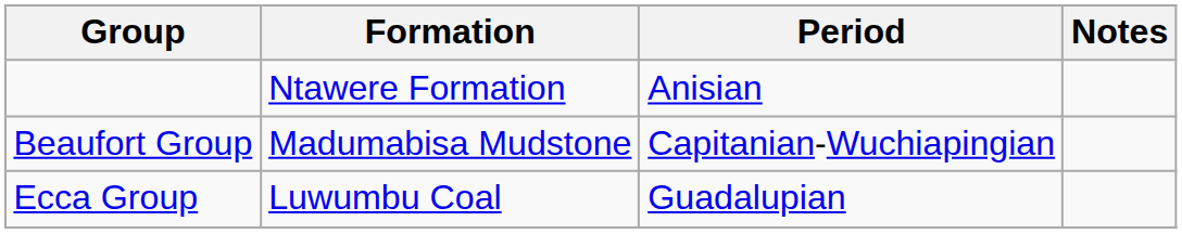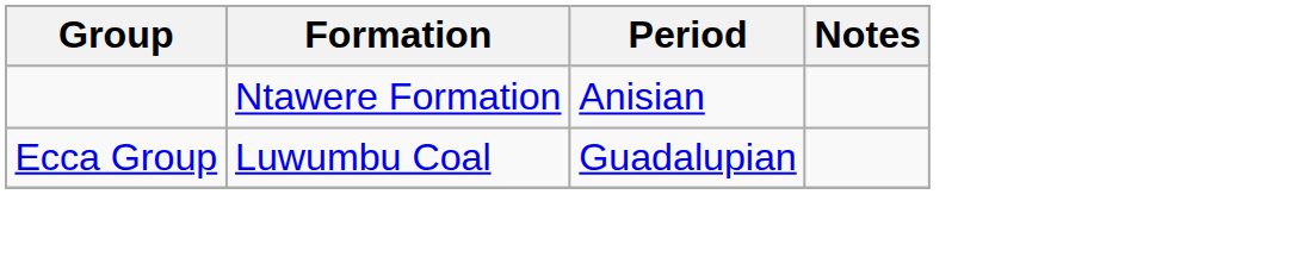 <table class="wikitable sortable">
 <tr>
 <th>Group</th>
 <th>Formation</th>
 <th>Period</th>
 <th class="unsortable">Notes</th>
 </tr>
 <tr>
 <td></td>
 <td><a href='#'>Ntawere Formation</a></td>
 <td style="background-color: "><a href='#'>Anisian</a></td>
 <td align=center></td>
 </tr>
 <tr>
-<td><a href='#'>Beaufort Group</a></td>
-<td><a href='#'>Madumabisa Mudstone</a></td>
-<td style="background-color: "><a href='#'>Capitanian</a>-<a href='#'>Wuchiapingian</a></td>
-<td align=center></td>
-</tr>
-<tr>
 <td><a href='#'>Ecca Group</a></td>
 <td><a href='#'>Luwumbu Coal</a></td>
 <td style="background-color: "><a href='#'>Guadalupian</a></td>
 <td align=center></td>
 </tr>
 <tr>
 </tr>
 </table>
